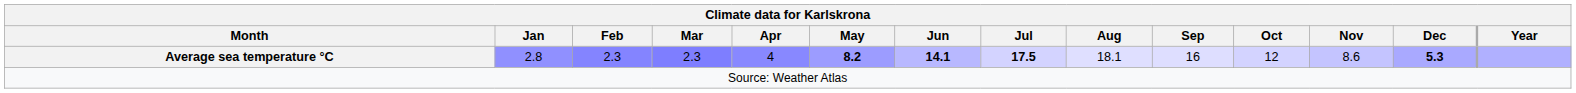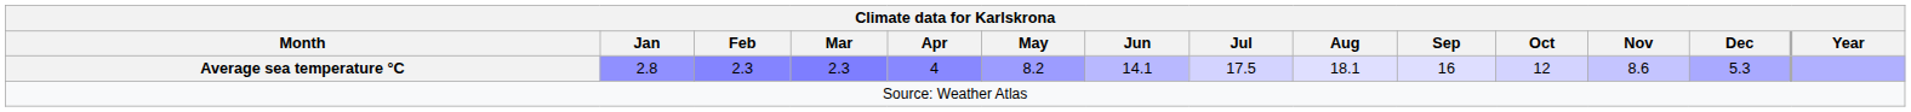 <table style="width:100%;text-align:center;line-height:1.2em;margin-left:auto;margin-right:auto" class="wikitable mw-collapsible">
 <tr>
 <th Colspan=14>Climate data for Karlskrona</th>
 </tr>
 <tr>
 <th>Month</th>
 <th>Jan</th>
 <th>Feb</th>
 <th>Mar</th>
 <th>Apr</th>
 <th>May</th>
 <th>Jun</th>
 <th>Jul</th>
 <th>Aug</th>
 <th>Sep</th>
 <th>Oct</th>
 <th>Nov</th>
 <th>Dec</th>
 <th style="border-left-width:medium">Year</th>
 </tr>
 <tr>
 <th>Average sea temperature °C</th>
 <td style="background:#9090FF;color:#000000;">2.8<br></td>
 <td style="background:#8484FF;color:#000000;">2.3<br></td>
 <td style="background:#7E7EFF;color:#000000;">2.3<br></td>
 <td style="background:#8888FF;color:#000000;">4<br></td>
-<td style="background:#9C9CFF;color:#000000;"><strong>8.2<br></strong></td>
-<td style="background:#B8B8FF;color:#000000;"><strong>14.1<br></strong></td>
-<td style="background:#D3D3FF;color:#000000;"><strong>17.5<br></strong></td>
+<td style="background:#9C9CFF;color:#000000;">8.2<br></td>
+<td style="background:#B8B8FF;color:#000000;">14.1<br></td>
+<td style="background:#D3D3FF;color:#000000;">17.5<br></td>
 <td style="background:#DFDFFF;color:#000000;">18.1<br></td>
 <td style="background:#DEDEFF;color:#000000;">16<br></td>
 <td style="background:#D3D3FF;color:#000000;">12<br></td>
 <td style="background:#C4C4FF;color:#000000;">8.6<br></td>
-<td style="background:#A9A9FF;color:#000000;"><strong>5.3<br></strong></td>
+<td style="background:#A9A9FF;color:#000000;">5.3<br></td>
 <td style="background:#B0B0FF;color:#000000;border-left-width:medium"><br></td>
 </tr>
 <tr>
 <th Colspan=14 style="background:#f8f9fa;font-weight:normal;font-size:95%;">Source: Weather Atlas</th>
 </tr>
 </table>
